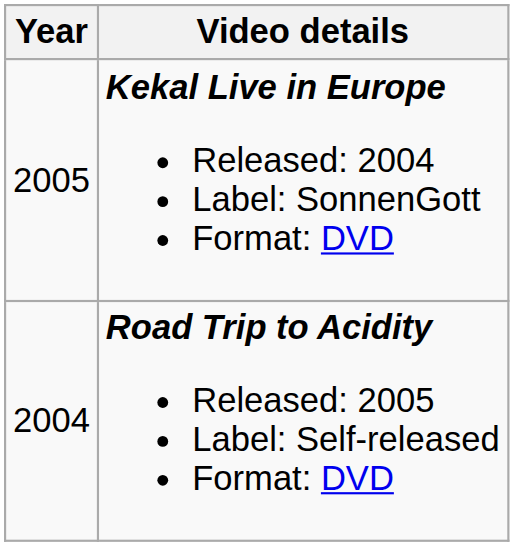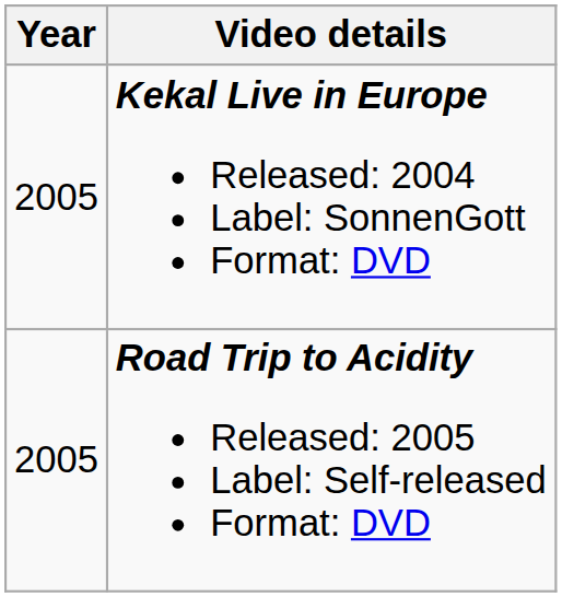 <table class="wikitable">
 <tr>
 <th>Year</th>
 <th>Video details</th>
 </tr>
 <tr>
 <td>2005</td>
 <td><strong><em>Kekal Live in Europe</em></strong><br><ul><li>Released: 2004</li><li>Label: SonnenGott</li><li>Format: <a href='#'>DVD</a></li></ul></td>
 </tr>
 <tr>
-<td>2004</td>
+<td>2005</td>
 <td><strong><em>Road Trip to Acidity</em></strong><br><ul><li>Released: 2005</li><li>Label: Self-released</li><li>Format: <a href='#'>DVD</a></li></ul></td>
 </tr>
 </table>
